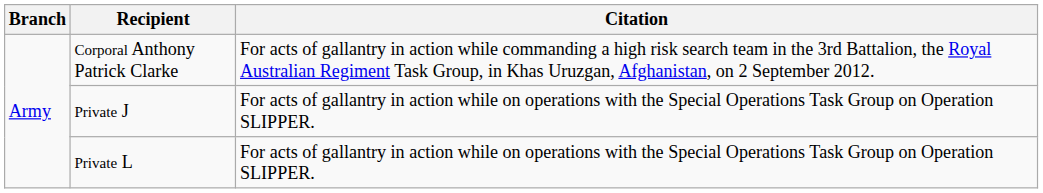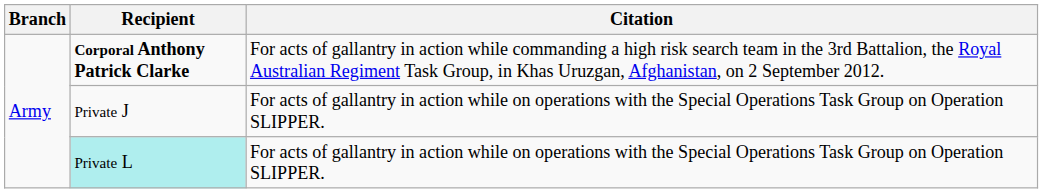 <table class="wikitable" style="font-size:95%;">
 <tr>
 <th>Branch</th>
 <th>Recipient</th>
 <th>Citation</th>
 </tr>
 <tr>
 <td rowspan="3"><a href='#'>Army</a></td>
-<td><small>Corporal</small> Anthony Patrick Clarke</td>
+<td><strong><small>Corporal</small> Anthony Patrick Clarke</strong></td>
 <td>For acts of gallantry in action while commanding a high risk search team in the 3rd Battalion, the <a href='#'>Royal Australian Regiment</a> Task Group, in Khas Uruzgan, <a href='#'>Afghanistan</a>, on 2 September 2012.</td>
 </tr>
 <tr>
 <td><small>Private</small> J</td>
 <td>For acts of gallantry in action while on operations with the Special Operations Task Group on Operation SLIPPER.</td>
 </tr>
 <tr>
-<td><small>Private</small> L</td>
+<td style="background: paleturquoise;"><small>Private</small> L</td>
 <td>For acts of gallantry in action while on operations with the Special Operations Task Group on Operation SLIPPER.</td>
 </tr>
 </table>
